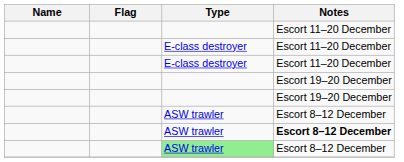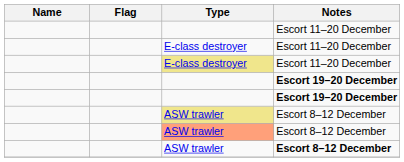 <table class="wikitable sortable">
 <tr>
 <th scope="col" width="120px">Name</th>
 <th scope="col" width="100px">Flag</th>
 <th scope="col" width="160px">Type</th>
 <th>Notes</th>
 </tr>
 <tr>
 <td align="left"></td>
 <td align="left"></td>
 <td align="left"></td>
 <td align="left">Escort 11–20 December</td>
 </tr>
 <tr>
 <td align="left"></td>
 <td align="left"></td>
 <td align="left"><a href='#'>E-class destroyer</a></td>
 <td align="left">Escort 11–20 December</td>
 </tr>
 <tr>
 <td align="left"></td>
 <td align="left"></td>
-<td align="left"><a href='#'>E-class destroyer</a></td>
+<td align="left" style="background: khaki;"><a href='#'>E-class destroyer</a></td>
 <td align="left">Escort 11–20 December</td>
 </tr>
 <tr>
 <td align="left"></td>
 <td align="left"></td>
 <td align="left"></td>
-<td align="left">Escort 19–20 December</td>
+<td align="left"><strong>Escort 19–20 December</strong></td>
 </tr>
 <tr>
 <td align="left"></td>
 <td align="left"></td>
 <td align="left"></td>
-<td align="left">Escort 19–20 December</td>
+<td align="left"><strong>Escort 19–20 December</strong></td>
 </tr>
 <tr>
 <td align="left"></td>
 <td align="left"></td>
-<td align="left"><a href='#'>ASW trawler</a></td>
+<td align="left" style="background: khaki;"><a href='#'>ASW trawler</a></td>
+<td align="left">Escort 8–12 December</td>
+</tr>
+<tr>
+<td align="left"></td>
+<td align="left"></td>
+<td align="left" style="background: lightsalmon;"><a href='#'>ASW trawler</a></td>
 <td align="left">Escort 8–12 December</td>
 </tr>
 <tr>
 <td align="left"></td>
 <td align="left"></td>
 <td align="left"><a href='#'>ASW trawler</a></td>
 <td align="left"><strong>Escort 8–12 December</strong></td>
 </tr>
 <tr>
-<td align="left"></td>
-<td align="left"></td>
-<td align="left" style="background: lightgreen;"><a href='#'>ASW trawler</a></td>
-<td align="left">Escort 8–12 December</td>
-</tr>
-<tr>
 </tr>
 </table>
